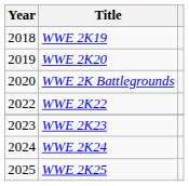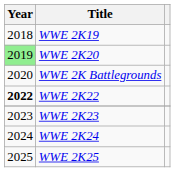 <table class="wikitable sortable plainrowheaders">
 <tr>
 <th scope="col">Year</th>
 <th scope="col">Title</th>
 <th scope="col" class="unsortable"></th>
 </tr>
 <tr>
 <td>2018</td>
 <td><em><a href='#'>WWE 2K19</a></em></td>
 <td></td>
 </tr>
 <tr>
-<td>2019</td>
+<td style="background: lightgreen;">2019</td>
 <td><em><a href='#'>WWE 2K20</a></em></td>
 <td></td>
 </tr>
 <tr>
 <td>2020</td>
 <td><em><a href='#'>WWE 2K Battlegrounds</a></em></td>
 <td></td>
 </tr>
 <tr>
-<td>2022</td>
+<td><strong>2022</strong></td>
 <td><em><a href='#'>WWE 2K22</a></em></td>
 <td></td>
 </tr>
 <tr>
 </tr>
 <tr>
 <td>2023</td>
 <td><em><a href='#'>WWE 2K23</a></em></td>
 <td></td>
 </tr>
 <tr>
 <td>2024</td>
 <td><em><a href='#'>WWE 2K24</a></em></td>
 <td></td>
 </tr>
 <tr>
 <td>2025</td>
 <td><em><a href='#'>WWE 2K25</a></em></td>
 <td></td>
 </tr>
 </table>
